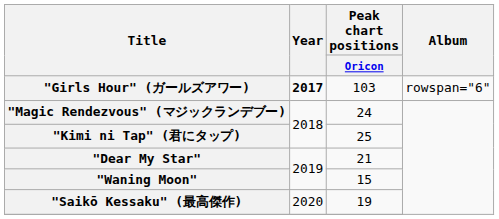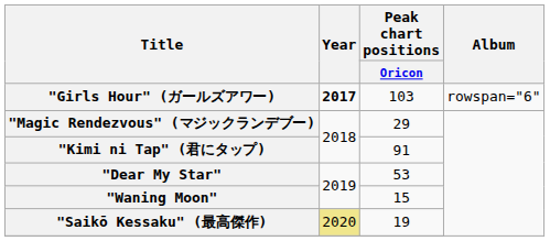 <table class="wikitable plainrowheaders" style="text-align:center;">
 <tr>
 <th scope="col" rowspan="2">Title</th>
 <th scope="col" rowspan="2">Year</th>
 <th scope="col" colspan="1">Peak <br> chart <br> positions</th>
 <th scope="col" rowspan="2">Album</th>
 </tr>
 <tr>
 <th scope="col"><small><a href='#'>Oricon</a></small></th>
 </tr>
 <tr>
 <th scope="row">"Girls Hour" (ガールズアワー)</th>
 <td><strong>2017</strong></td>
 <td>103</td>
 <td>rowspan="6" </td>
 </tr>
 <tr>
 <th scope="row">"Magic Rendezvous" (マジックランデブー)</th>
 <td rowspan="2">2018</td>
-<td>24</td>
+<td>29</td>
 </tr>
 <tr>
 <th scope="row">"Kimi ni Tap" (君にタップ)</th>
-<td>25</td>
+<td>91</td>
 </tr>
 <tr>
 <th scope="row">"Dear My Star"</th>
 <td rowspan="2">2019</td>
-<td>21</td>
+<td>53</td>
 </tr>
 <tr>
 <th scope="row">"Waning Moon"</th>
 <td>15</td>
 </tr>
 <tr>
 <th scope="row">"Saikō Kessaku" (最高傑作)</th>
-<td>2020</td>
+<td style="background: khaki;">2020</td>
 <td>19</td>
 </tr>
 <tr>
 </tr>
 </table>
